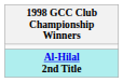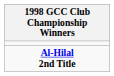 <table class="wikitable" style="text-align: center; margin: 0 auto; width: 20%">
 <tr>
 <th>1998 GCC Club Championship <br>Winners</th>
 </tr>
 <tr>
 <td></td>
 </tr>
 <tr>
-<td style="background: paleturquoise;"><strong><a href='#'>Al-Hilal</a></strong><br><strong>2nd Title</strong></td>
+<td><strong><a href='#'>Al-Hilal</a></strong><br><strong>2nd Title</strong></td>
 </tr>
 </table>
